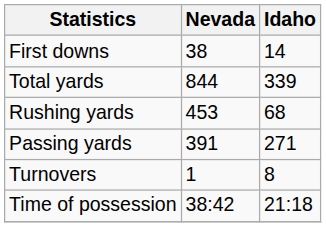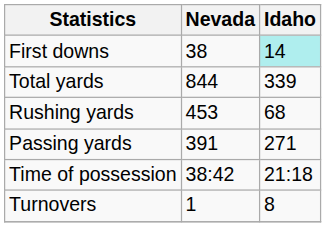 <table class="wikitable">
 <tr>
 <th>Statistics</th>
 <th>Nevada</th>
 <th>Idaho</th>
 </tr>
 <tr>
 <td>First downs</td>
 <td>38</td>
-<td>14</td>
+<td style="background: paleturquoise;">14</td>
 </tr>
 <tr>
 <td>Total yards</td>
 <td>844</td>
 <td>339</td>
 </tr>
 <tr>
 <td>Rushing yards</td>
 <td>453</td>
 <td>68</td>
 </tr>
 <tr>
 <td>Passing yards</td>
 <td>391</td>
 <td>271</td>
 </tr>
 <tr>
+<td>Time of possession</td>
+<td>38:42</td>
+<td>21:18</td>
+</tr>
+<tr>
 <td>Turnovers</td>
 <td>1</td>
 <td>8</td>
 </tr>
 <tr>
-<td>Time of possession</td>
-<td>38:42</td>
-<td>21:18</td>
-</tr>
-<tr>
 </tr>
 </table>
